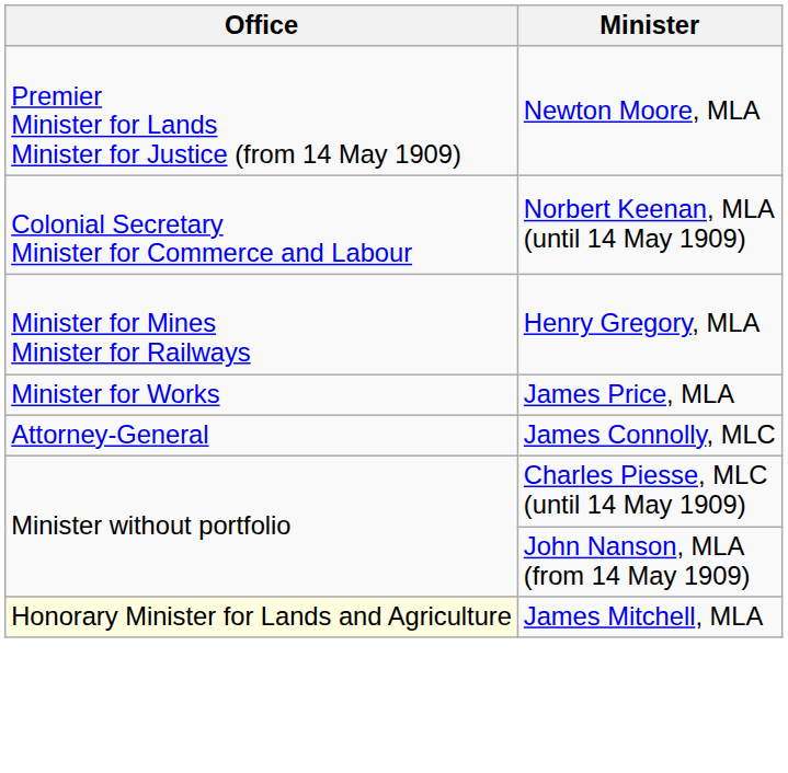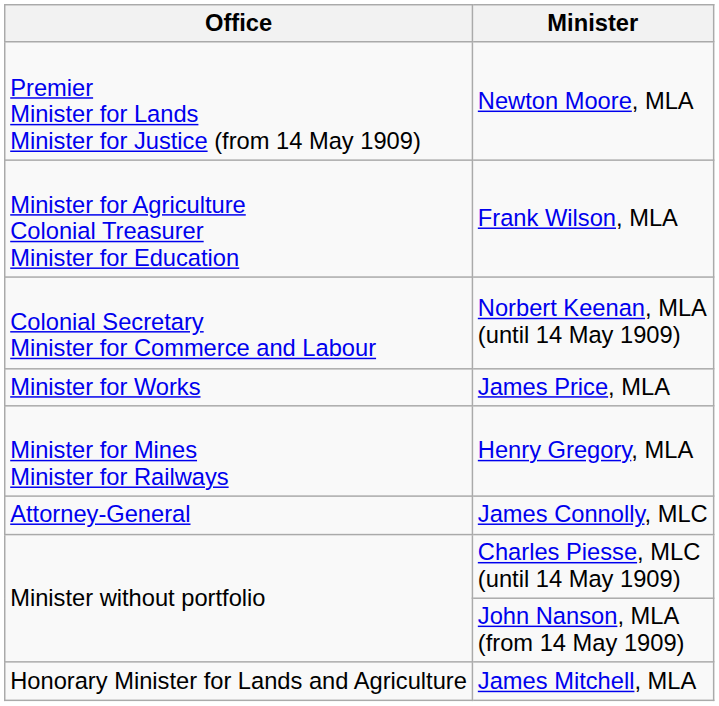 <table class="wikitable">
 <tr>
 <th>Office</th>
 <th>Minister</th>
 </tr>
 <tr>
 <td><br><a href='#'>Premier</a><br> <a href='#'>Minister for Lands</a><br> <a href='#'>Minister for Justice</a> (from 14 May 1909)<br></td>
 <td><a href='#'>Newton Moore</a>, MLA</td>
 </tr>
 <tr>
+<td><br><a href='#'>Minister for Agriculture</a><br> <a href='#'>Colonial Treasurer</a><br> <a href='#'>Minister for Education</a><br></td>
+<td><a href='#'>Frank Wilson</a>, MLA</td>
+</tr>
+<tr>
 <td><br><a href='#'>Colonial Secretary</a><br> <a href='#'>Minister for Commerce and Labour</a><br></td>
 <td><a href='#'>Norbert Keenan</a>, MLA<br>(until 14 May 1909)</td>
 </tr>
 <tr>
+<td><a href='#'>Minister for Works</a></td>
+<td><a href='#'>James Price</a>, MLA</td>
+</tr>
+<tr>
 <td><br><a href='#'>Minister for Mines</a><br> <a href='#'>Minister for Railways</a><br></td>
 <td><a href='#'>Henry Gregory</a>, MLA</td>
-</tr>
-<tr>
-<td><a href='#'>Minister for Works</a></td>
-<td><a href='#'>James Price</a>, MLA</td>
 </tr>
 <tr>
 <td><a href='#'>Attorney-General</a><br></td>
 <td><a href='#'>James Connolly</a>, MLC</td>
 </tr>
 <tr>
 <td rowspan=2>Minister without portfolio</td>
 <td><a href='#'>Charles Piesse</a>, MLC<br>(until 14 May 1909)</td>
 </tr>
 <tr>
 <td><a href='#'>John Nanson</a>, MLA<br>(from 14 May 1909)</td>
 </tr>
 <tr>
-<td style="background: lightyellow;">Honorary Minister for Lands and Agriculture</td>
+<td>Honorary Minister for Lands and Agriculture</td>
 <td><a href='#'>James Mitchell</a>, MLA</td>
 </tr>
 </table>
